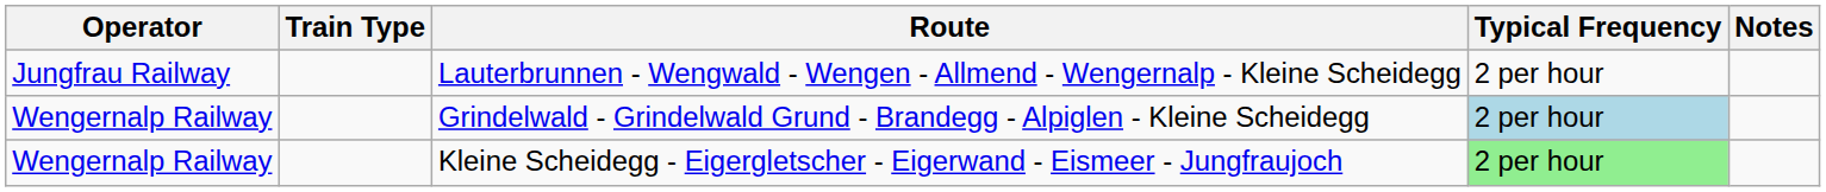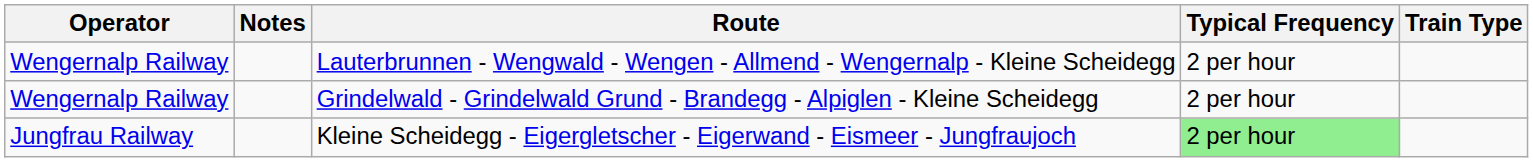 <table class="wikitable vatop">
 <tr>
 <th>Operator</th>
-<th>Train Type</th>
+<th>Notes</th>
 <th>Route</th>
 <th>Typical Frequency</th>
-<th>Notes</th>
+<th>Train Type</th>
 </tr>
 <tr>
-<td><a href='#'>Jungfrau Railway</a></td>
+<td><a href='#'>Wengernalp Railway</a></td>
 <td></td>
 <td><a href='#'>Lauterbrunnen</a> - <a href='#'>Wengwald</a> - <a href='#'>Wengen</a> - <a href='#'>Allmend</a> - <a href='#'>Wengernalp</a> - Kleine Scheidegg</td>
 <td>2 per hour</td>
 <td></td>
 </tr>
 <tr>
 <td><a href='#'>Wengernalp Railway</a></td>
 <td></td>
 <td><a href='#'>Grindelwald</a> - <a href='#'>Grindelwald Grund</a> - <a href='#'>Brandegg</a> - <a href='#'>Alpiglen</a> - Kleine Scheidegg</td>
-<td style="background: lightblue;">2 per hour</td>
+<td>2 per hour</td>
 <td></td>
 </tr>
 <tr>
-<td><a href='#'>Wengernalp Railway</a></td>
+<td><a href='#'>Jungfrau Railway</a></td>
 <td></td>
 <td>Kleine Scheidegg - <a href='#'>Eigergletscher</a> - <a href='#'>Eigerwand</a> - <a href='#'>Eismeer</a> - <a href='#'>Jungfraujoch</a></td>
 <td style="background: lightgreen;">2 per hour</td>
 <td></td>
 </tr>
 </table>
